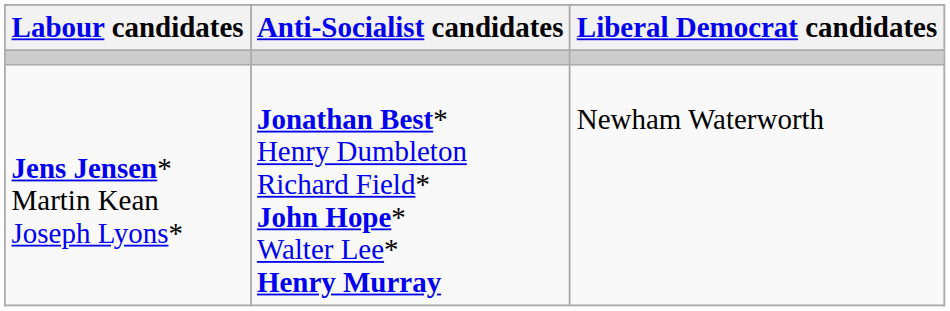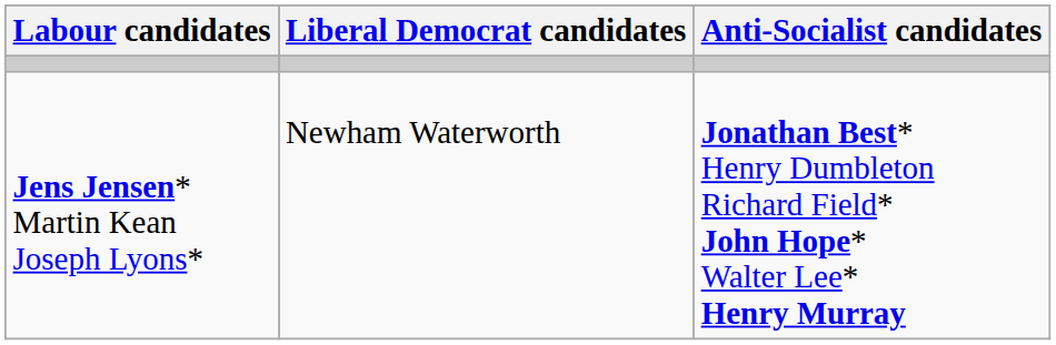 <table class="wikitable">
 <tr>
 <th><a href='#'>Labour</a> candidates</th>
+<th><a href='#'>Liberal Democrat</a> candidates</th>
 <th><a href='#'>Anti-Socialist</a> candidates</th>
-<th><a href='#'>Liberal Democrat</a> candidates</th>
 </tr>
 <tr bgcolor="#cccccc">
 <td></td>
 <td></td>
 <td></td>
 </tr>
 <tr>
 <td><br><strong><a href='#'>Jens Jensen</a></strong>*<br> Martin Kean<br> <a href='#'>Joseph Lyons</a>*</td>
+<td valign=top><br>Newham Waterworth</td>
 <td><br><strong><a href='#'>Jonathan Best</a></strong>*<br> <a href='#'>Henry Dumbleton</a><br> <a href='#'>Richard Field</a>*<br> <strong><a href='#'>John Hope</a></strong>*<br> <a href='#'>Walter Lee</a>*<br> <strong><a href='#'>Henry Murray</a></strong></td>
-<td valign=top><br>Newham Waterworth</td>
 </tr>
 </table>
